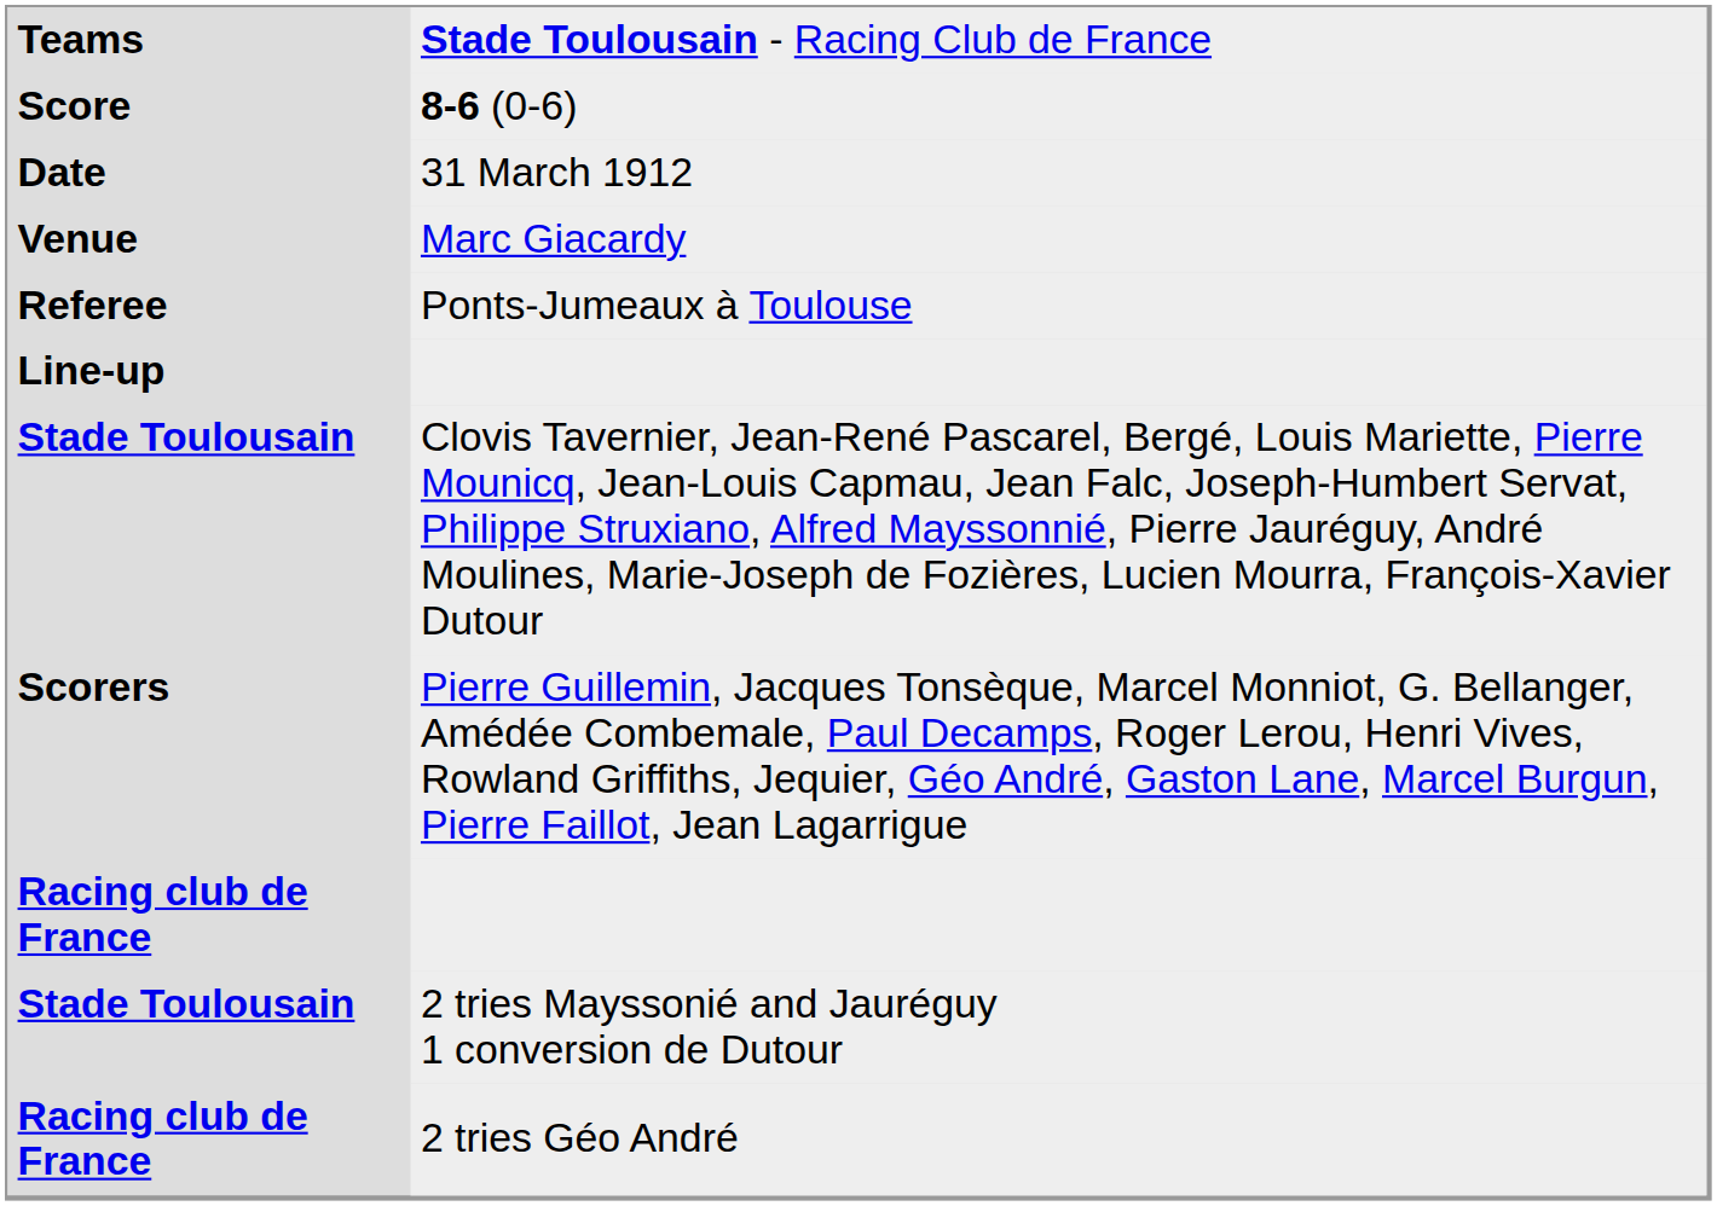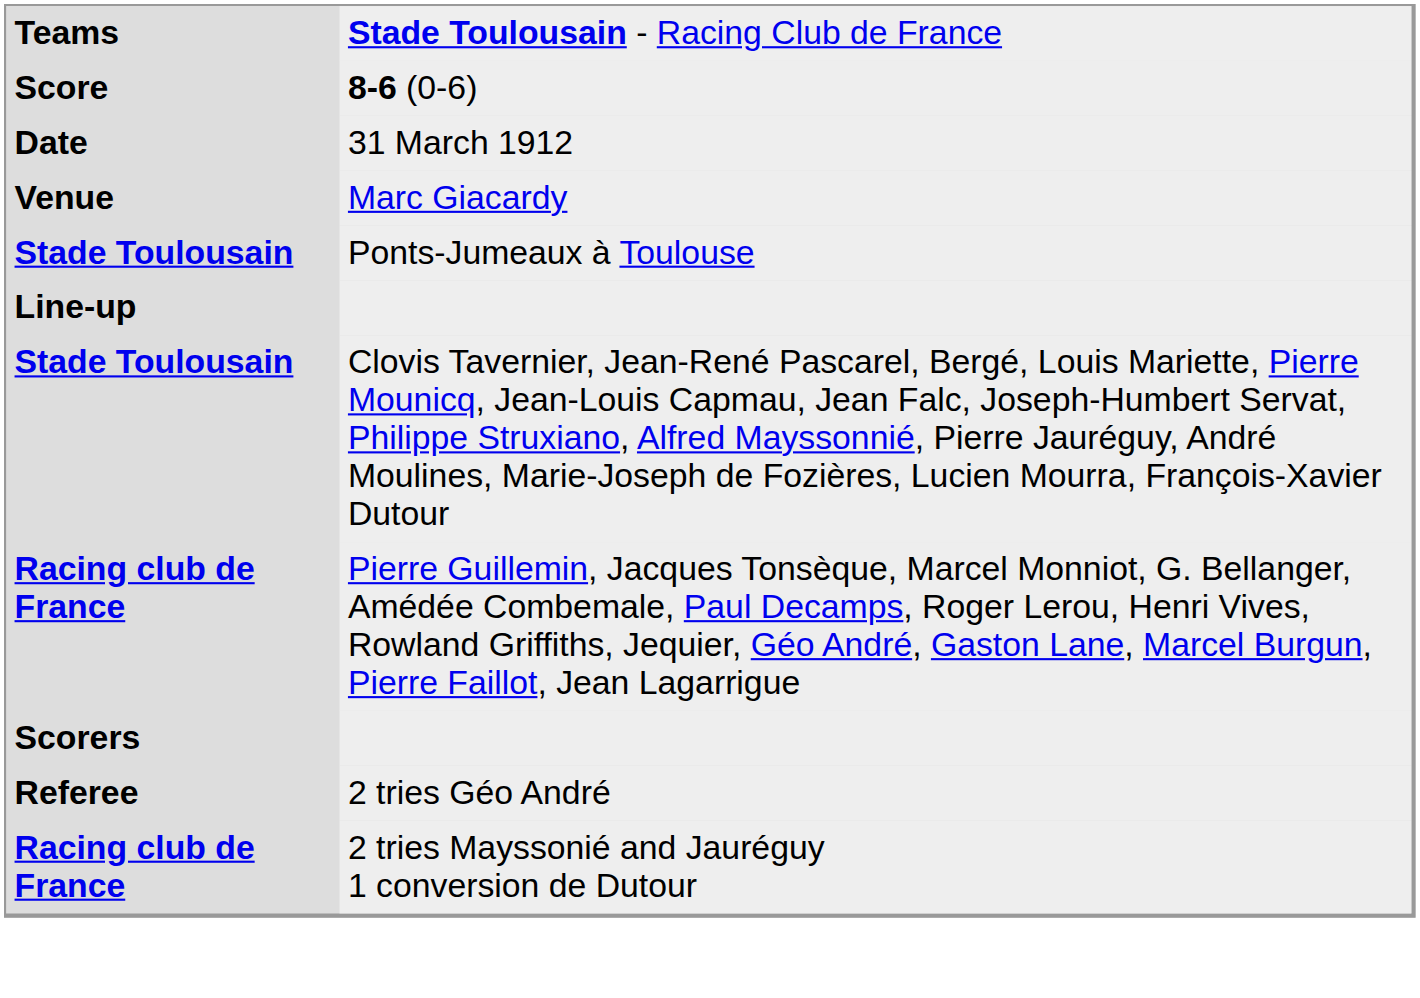 <table align="left" cellpadding="4" cellspacing="0"  style="margin: 0 0 0 0; border: 1px solid #999; border-right-width: 2px; border-bottom-width: 2px; background-color: #DDDDDD">
 <tr>
 <td width="150" valign="top"><strong>Teams</strong></td>
 <td width="500" bgcolor=#EEEEEE><strong><a href='#'>Stade Toulousain</a></strong> - <a href='#'>Racing Club de France</a></td>
 </tr>
 <tr>
 <td valign="top"><strong>Score</strong></td>
 <td bgcolor=#EEEEEE><strong>8-6</strong> (0-6)</td>
 </tr>
 <tr>
 <td valign="top"><strong>Date</strong></td>
 <td bgcolor=#EEEEEE>31 March 1912</td>
 </tr>
 <tr>
 <td valign="top"><strong>Venue</strong></td>
 <td bgcolor=#EEEEEE><a href='#'>Marc Giacardy</a></td>
 </tr>
 <tr>
-<td valign="top"><strong>Referee</strong></td>
+<td valign="top"><strong><a href='#'>Stade Toulousain</a>  </strong></td>
 <td bgcolor=#EEEEEE>Ponts-Jumeaux à <a href='#'>Toulouse</a></td>
 </tr>
 <tr>
 <td valign="top"><strong>Line-up</strong></td>
 <td bgcolor=#EEEEEE></td>
 </tr>
 <tr>
 <td valign="top"><strong><a href='#'>Stade Toulousain</a> </strong></td>
 <td bgcolor=#EEEEEE>Clovis Tavernier, Jean-René Pascarel, Bergé, Louis Mariette, <a href='#'>Pierre Mounicq</a>, Jean-Louis Capmau, Jean Falc, Joseph-Humbert Servat, <a href='#'>Philippe Struxiano</a>, <a href='#'>Alfred Mayssonnié</a>, Pierre Jauréguy, André Moulines, Marie-Joseph de Fozières, Lucien Mourra, François-Xavier Dutour</td>
 </tr>
 <tr>
-<td valign="top"><strong>Scorers</strong></td>
+<td valign="top"><strong><a href='#'>Racing club de France</a></strong></td>
 <td bgcolor=#EEEEEE><a href='#'>Pierre Guillemin</a>, Jacques Tonsèque, Marcel Monniot, G. Bellanger, Amédée Combemale, <a href='#'>Paul Decamps</a>, Roger Lerou, Henri Vives, Rowland Griffiths, Jequier, <a href='#'>Géo André</a>, <a href='#'>Gaston Lane</a>, <a href='#'>Marcel Burgun</a>, <a href='#'>Pierre Faillot</a>, Jean Lagarrigue</td>
 </tr>
 <tr>
-<td valign="top"><strong><a href='#'>Racing club de France</a></strong></td>
+<td valign="top"><strong>Scorers</strong></td>
 <td bgcolor=#EEEEEE></td>
 </tr>
 <tr>
-<td valign="top"><strong><a href='#'>Stade Toulousain</a>  </strong></td>
-<td bgcolor=#EEEEEE>2 tries Mayssonié and Jauréguy<br> 1 conversion de Dutour</td>
+<td valign="top"><strong>Referee</strong></td>
+<td bgcolor=#EEEEEE>2 tries Géo André</td>
 </tr>
 <tr>
 <td valign="top"><strong><a href='#'>Racing club de France</a></strong></td>
-<td bgcolor=#EEEEEE>2 tries Géo André</td>
+<td bgcolor=#EEEEEE>2 tries Mayssonié and Jauréguy<br> 1 conversion de Dutour</td>
 </tr>
 </table>
